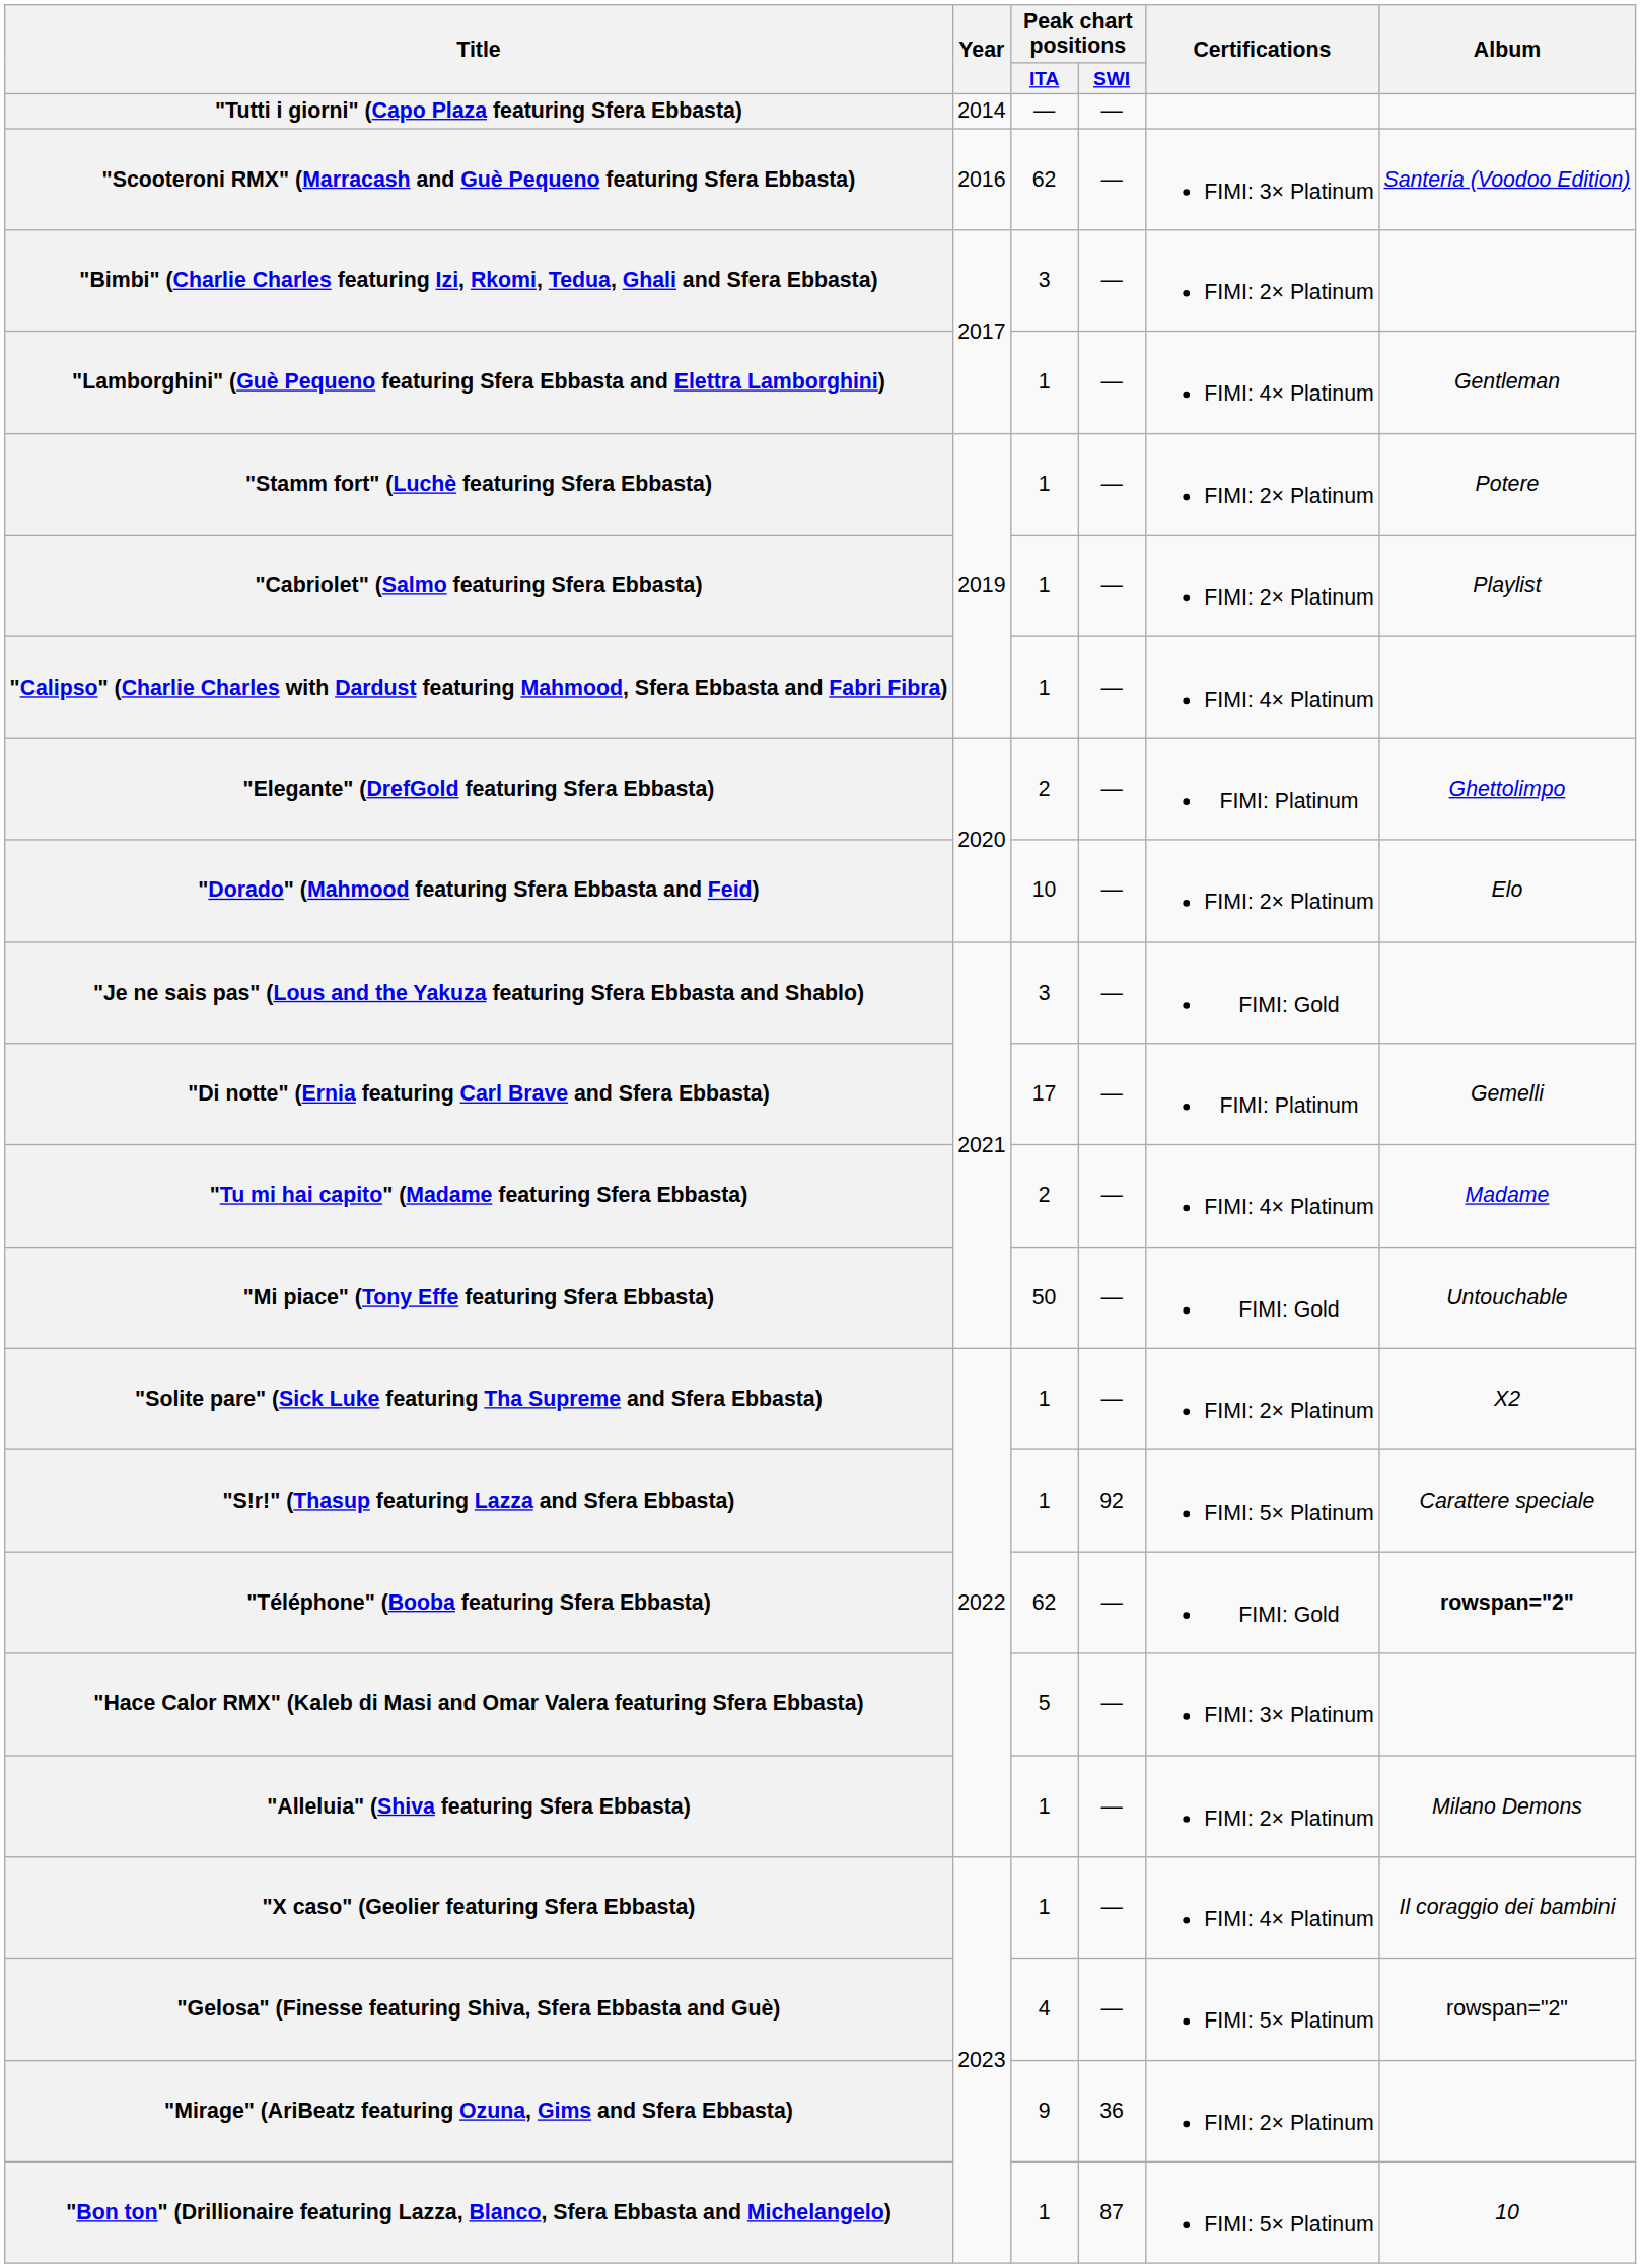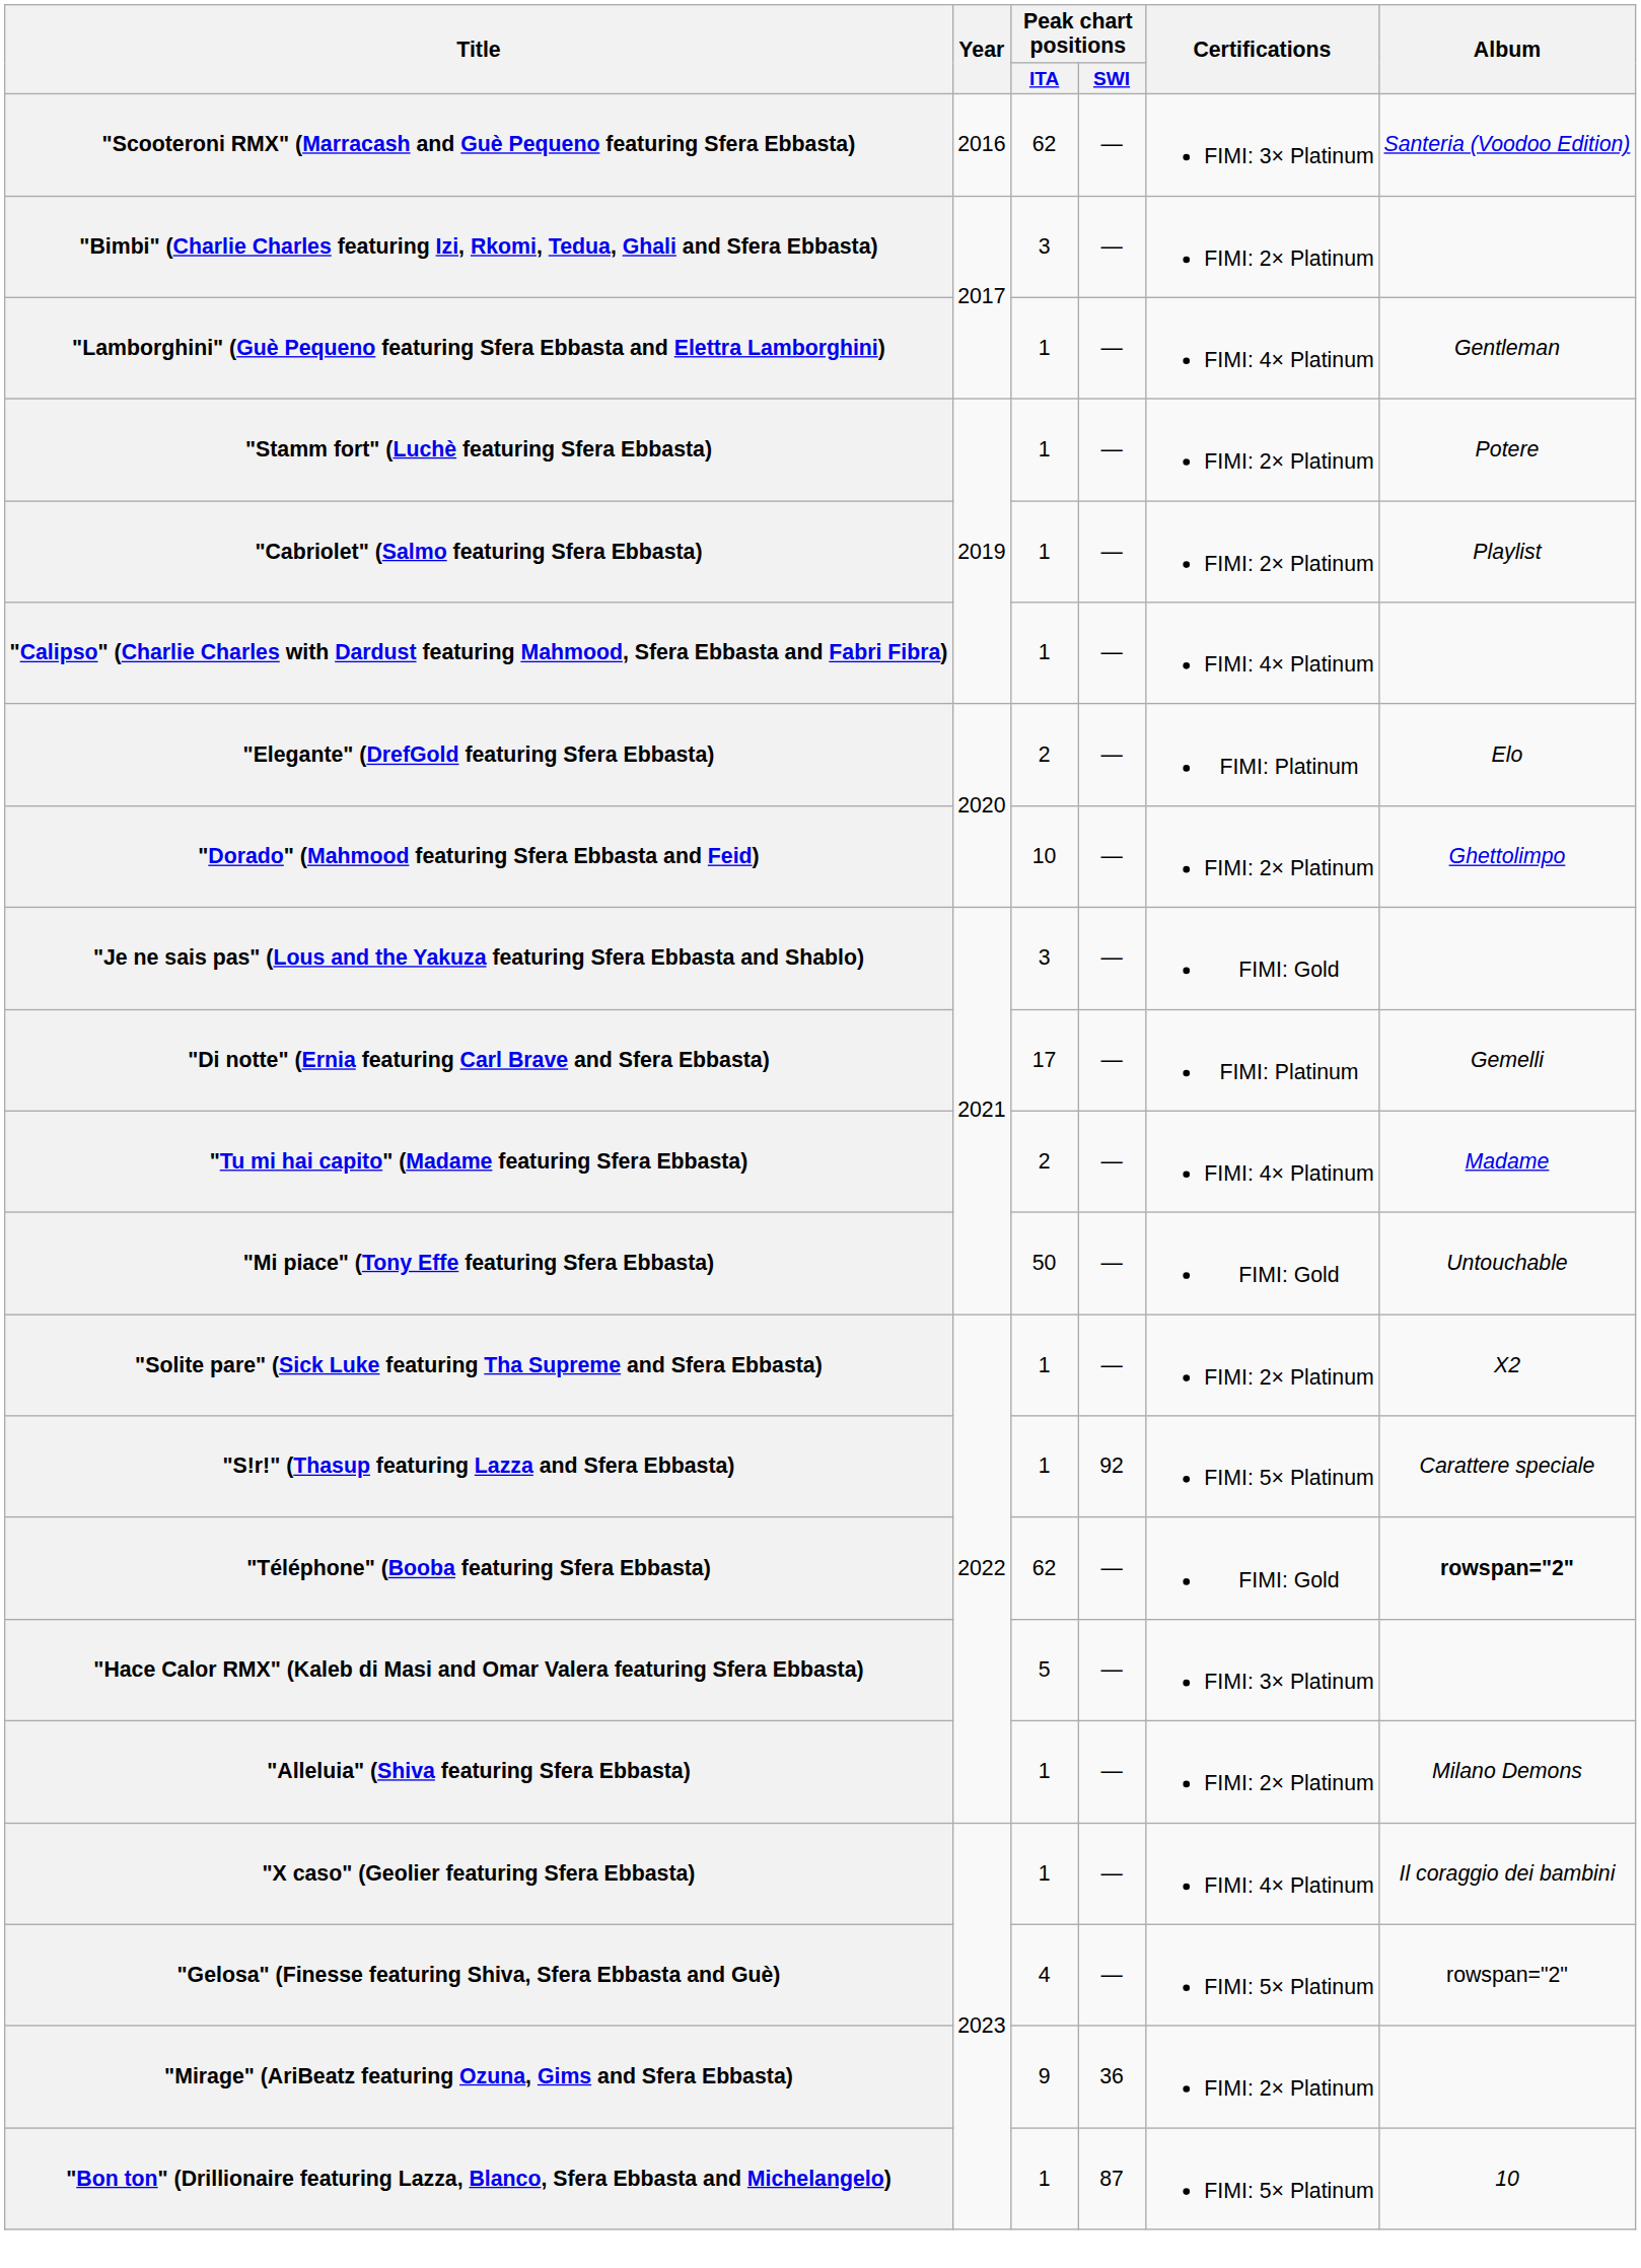 <table class="wikitable plainrowheaders" style="text-align:center;">
 <tr>
 <th scope="col" rowspan="2">Title</th>
 <th scope="col" rowspan="2">Year</th>
 <th scope="col" colspan="2">Peak chart positions</th>
 <th scope="col" rowspan="2">Certifications</th>
 <th scope="col" rowspan="2">Album</th>
 </tr>
 <tr>
 <th scope="col" style="width:3em;font-size:90%;"><a href='#'>ITA</a><br></th>
 <th scope="col" style="width:3em;font-size:90%;"><a href='#'>SWI</a></th>
-</tr>
-<tr>
-<th scope="row">"Tutti i giorni" (<a href='#'>Capo Plaza</a> featuring Sfera Ebbasta)</th>
-<td>2014</td>
-<td>—</td>
-<td>—</td>
-<td></td>
-<td></td>
 </tr>
 <tr>
 <th scope="row">"Scooteroni RMX" (<a href='#'>Marracash</a> and <a href='#'>Guè Pequeno</a> featuring Sfera Ebbasta)</th>
 <td>2016</td>
 <td>62</td>
 <td>—</td>
 <td><br><ul><li>FIMI: 3× Platinum</li></ul></td>
 <td><em><a href='#'>Santeria (Voodoo Edition)</a></em></td>
 </tr>
 <tr>
 <th scope="row">"Bimbi" (<a href='#'>Charlie Charles</a> featuring <a href='#'>Izi</a>, <a href='#'>Rkomi</a>, <a href='#'>Tedua</a>, <a href='#'>Ghali</a> and Sfera Ebbasta)</th>
 <td rowspan="2">2017</td>
 <td>3</td>
 <td>—</td>
 <td><br><ul><li>FIMI: 2× Platinum</li></ul></td>
 <td></td>
 </tr>
 <tr>
 <th scope="row">"Lamborghini" (<a href='#'>Guè Pequeno</a> featuring Sfera Ebbasta and <a href='#'>Elettra Lamborghini</a>)</th>
 <td>1</td>
 <td>—</td>
 <td><br><ul><li>FIMI: 4× Platinum</li></ul></td>
 <td><em>Gentleman</em></td>
 </tr>
 <tr>
 <th scope="row">"Stamm fort" (<a href='#'>Luchè</a> featuring Sfera Ebbasta)</th>
 <td rowspan="3">2019</td>
 <td>1</td>
 <td>—</td>
 <td><br><ul><li>FIMI: 2× Platinum</li></ul></td>
 <td><em>Potere</em></td>
 </tr>
 <tr>
 <th scope="row">"Cabriolet" (<a href='#'>Salmo</a> featuring Sfera Ebbasta)</th>
 <td>1</td>
 <td>—</td>
 <td><br><ul><li>FIMI: 2× Platinum</li></ul></td>
 <td><em>Playlist</em></td>
 </tr>
 <tr>
 <th scope="row">"<a href='#'>Calipso</a>" (<a href='#'>Charlie Charles</a> with <a href='#'>Dardust</a> featuring <a href='#'>Mahmood</a>, Sfera Ebbasta and <a href='#'>Fabri Fibra</a>)</th>
 <td>1</td>
 <td>—</td>
 <td><br><ul><li>FIMI: 4× Platinum</li></ul></td>
 <td></td>
 </tr>
 <tr>
 <th scope="row">"Elegante" (<a href='#'>DrefGold</a> featuring Sfera Ebbasta)</th>
 <td rowspan="2">2020</td>
 <td>2</td>
 <td>—</td>
 <td><br><ul><li>FIMI: Platinum</li></ul></td>
-<td><em><a href='#'>Ghettolimpo</a></em></td>
+<td><em>Elo</em></td>
 </tr>
 <tr>
 <th scope="row">"<a href='#'>Dorado</a>" (<a href='#'>Mahmood</a> featuring Sfera Ebbasta and <a href='#'>Feid</a>)</th>
 <td>10</td>
 <td>—</td>
 <td><br><ul><li>FIMI: 2× Platinum</li></ul></td>
-<td><em>Elo</em></td>
+<td><em><a href='#'>Ghettolimpo</a></em></td>
 </tr>
 <tr>
 <th scope="row">"Je ne sais pas" (<a href='#'>Lous and the Yakuza</a> featuring Sfera Ebbasta and Shablo)</th>
 <td rowspan="4">2021</td>
 <td>3</td>
 <td>—</td>
 <td><br><ul><li>FIMI: Gold</li></ul></td>
 <td></td>
 </tr>
 <tr>
 <th scope="row">"Di notte" (<a href='#'>Ernia</a> featuring <a href='#'>Carl Brave</a> and Sfera Ebbasta)</th>
 <td>17</td>
 <td>—</td>
 <td><br><ul><li>FIMI: Platinum</li></ul></td>
 <td><em>Gemelli</em></td>
 </tr>
 <tr>
 <th scope="row">"<a href='#'>Tu mi hai capito</a>" (<a href='#'>Madame</a> featuring Sfera Ebbasta)</th>
 <td>2</td>
 <td>—</td>
 <td><br><ul><li>FIMI: 4× Platinum</li></ul></td>
 <td><em><a href='#'>Madame</a></em></td>
 </tr>
 <tr>
 <th scope="row">"Mi piace" (<a href='#'>Tony Effe</a> featuring Sfera Ebbasta)</th>
 <td>50</td>
 <td>—</td>
 <td><br><ul><li>FIMI: Gold</li></ul></td>
 <td><em>Untouchable</em></td>
 </tr>
 <tr>
 <th scope="row">"Solite pare" (<a href='#'>Sick Luke</a> featuring <a href='#'>Tha Supreme</a> and Sfera Ebbasta)</th>
 <td rowspan="5">2022</td>
 <td>1</td>
 <td>—</td>
 <td><br><ul><li>FIMI: 2× Platinum</li></ul></td>
 <td><em>X2</em></td>
 </tr>
 <tr>
 <th scope="row">"S!r!" (<a href='#'>Thasup</a> featuring <a href='#'>Lazza</a> and Sfera Ebbasta)</th>
 <td>1</td>
 <td>92</td>
 <td><br><ul><li>FIMI: 5× Platinum</li></ul></td>
 <td><em>Carattere speciale</em></td>
 </tr>
 <tr>
 <th scope="row">"Téléphone" (<a href='#'>Booba</a> featuring Sfera Ebbasta)</th>
 <td>62</td>
 <td>—</td>
 <td><br><ul><li>FIMI: Gold</li></ul></td>
 <td><strong>rowspan="2" </strong></td>
 </tr>
 <tr>
 <th scope="row">"Hace Calor RMX" (Kaleb di Masi and Omar Valera featuring Sfera Ebbasta)</th>
 <td>5</td>
 <td>—</td>
 <td><br><ul><li>FIMI: 3× Platinum</li></ul></td>
 </tr>
 <tr>
 <th scope="row">"Alleluia" (<a href='#'>Shiva</a> featuring Sfera Ebbasta)</th>
 <td>1</td>
 <td>—</td>
 <td><br><ul><li>FIMI: 2× Platinum</li></ul></td>
 <td><em>Milano Demons</em></td>
 </tr>
 <tr>
 <th scope="row">"X caso" (Geolier featuring Sfera Ebbasta)</th>
 <td rowspan="4">2023</td>
 <td>1</td>
 <td>—</td>
 <td><br><ul><li>FIMI: 4× Platinum</li></ul></td>
 <td><em>Il coraggio dei bambini</em></td>
 </tr>
 <tr>
 <th scope="row">"Gelosa" (Finesse featuring Shiva, Sfera Ebbasta and Guè)</th>
 <td>4</td>
 <td>—</td>
 <td><br><ul><li>FIMI: 5× Platinum</li></ul></td>
 <td>rowspan="2" </td>
 </tr>
 <tr>
 <th scope="row">"Mirage" (AriBeatz featuring <a href='#'>Ozuna</a>, <a href='#'>Gims</a> and Sfera Ebbasta)</th>
 <td>9</td>
 <td>36</td>
 <td><br><ul><li>FIMI: 2× Platinum</li></ul></td>
 </tr>
 <tr>
 <th scope="row">"<a href='#'>Bon ton</a>" (Drillionaire featuring Lazza, <a href='#'>Blanco</a>, Sfera Ebbasta and <a href='#'>Michelangelo</a>)</th>
 <td>1</td>
 <td>87</td>
 <td><br><ul><li>FIMI: 5× Platinum</li></ul></td>
 <td><em>10</em></td>
 </tr>
 </table>
